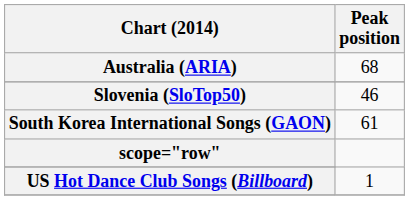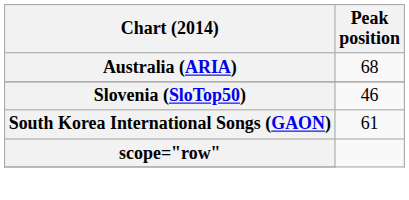 <table class="wikitable sortable plainrowheaders" style="text-align:center;">
 <tr>
 <th scope="col">Chart (2014)</th>
 <th scope="col">Peak<br>position</th>
 </tr>
 <tr>
 <th scope="row">Australia (<a href='#'>ARIA</a>)</th>
 <td>68</td>
 </tr>
 <tr>
 </tr>
 <tr>
 </tr>
 <tr>
 <th scope="row">Slovenia (<a href='#'>SloTop50</a>)</th>
 <td align=center>46</td>
 </tr>
 <tr>
 <th scope="row">South Korea International Songs (<a href='#'>GAON</a>)</th>
 <td>61</td>
 </tr>
 <tr>
 <th>scope="row" </th>
 </tr>
 <tr>
 </tr>
 <tr>
-<th scope="row">US <a href='#'>Hot Dance Club Songs</a> (<a href='#'><em>Billboard</em></a>)</th>
-<td>1</td>
-</tr>
-<tr>
 </tr>
 </table>
